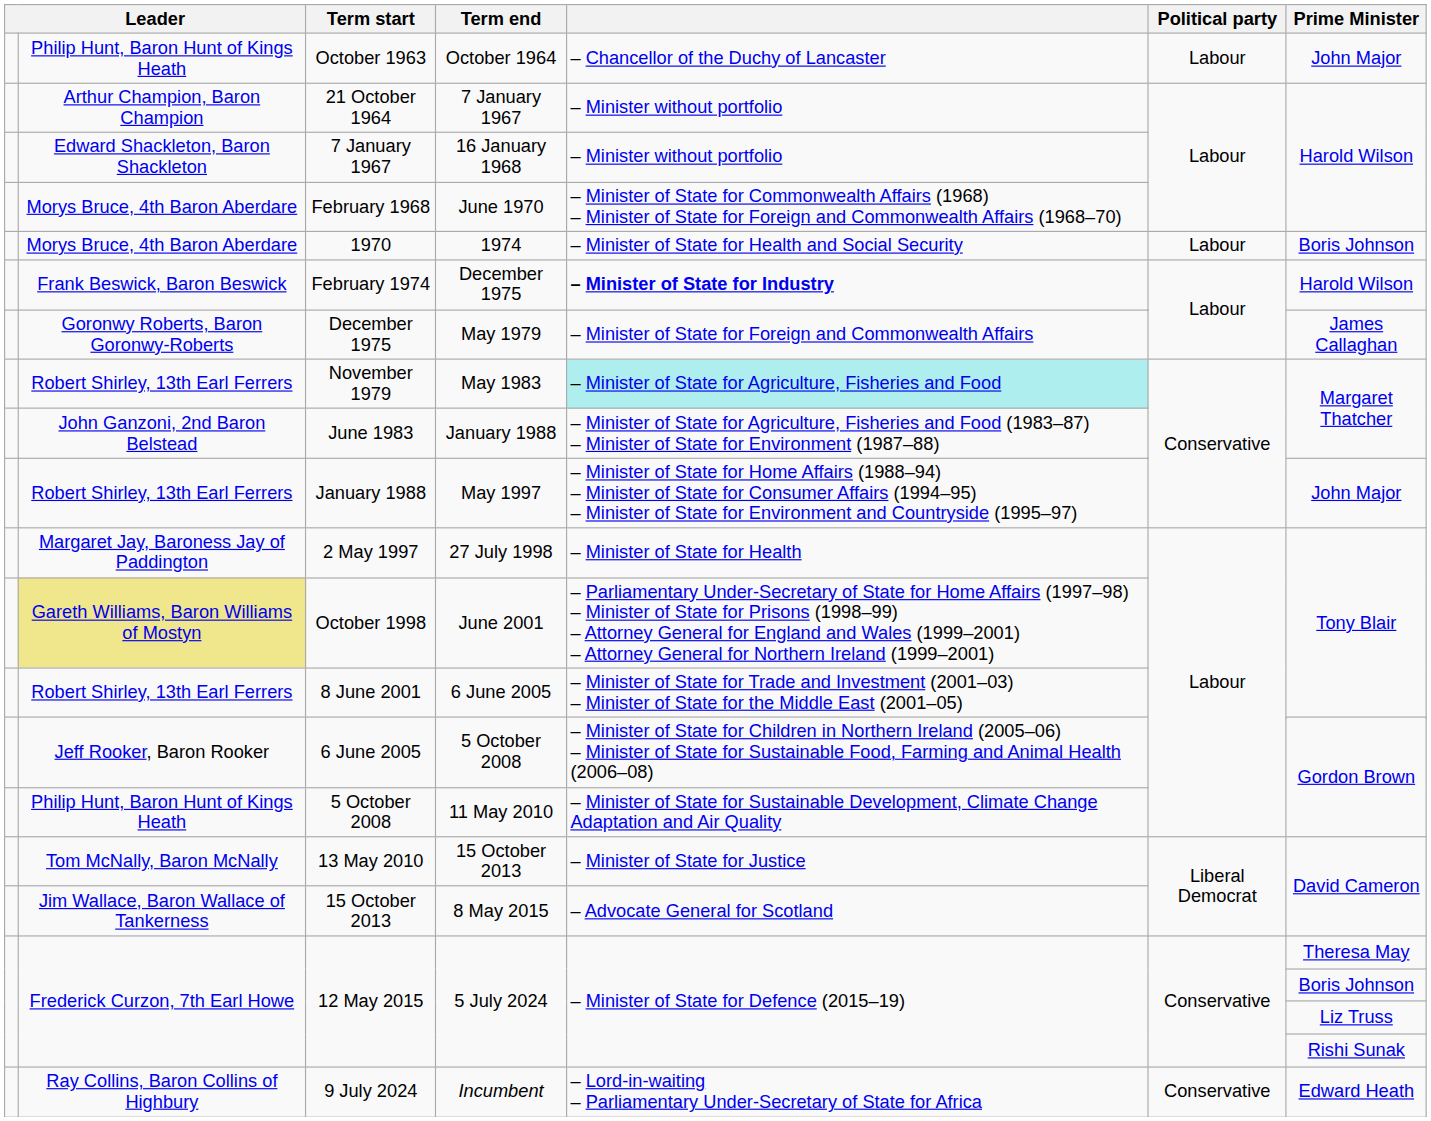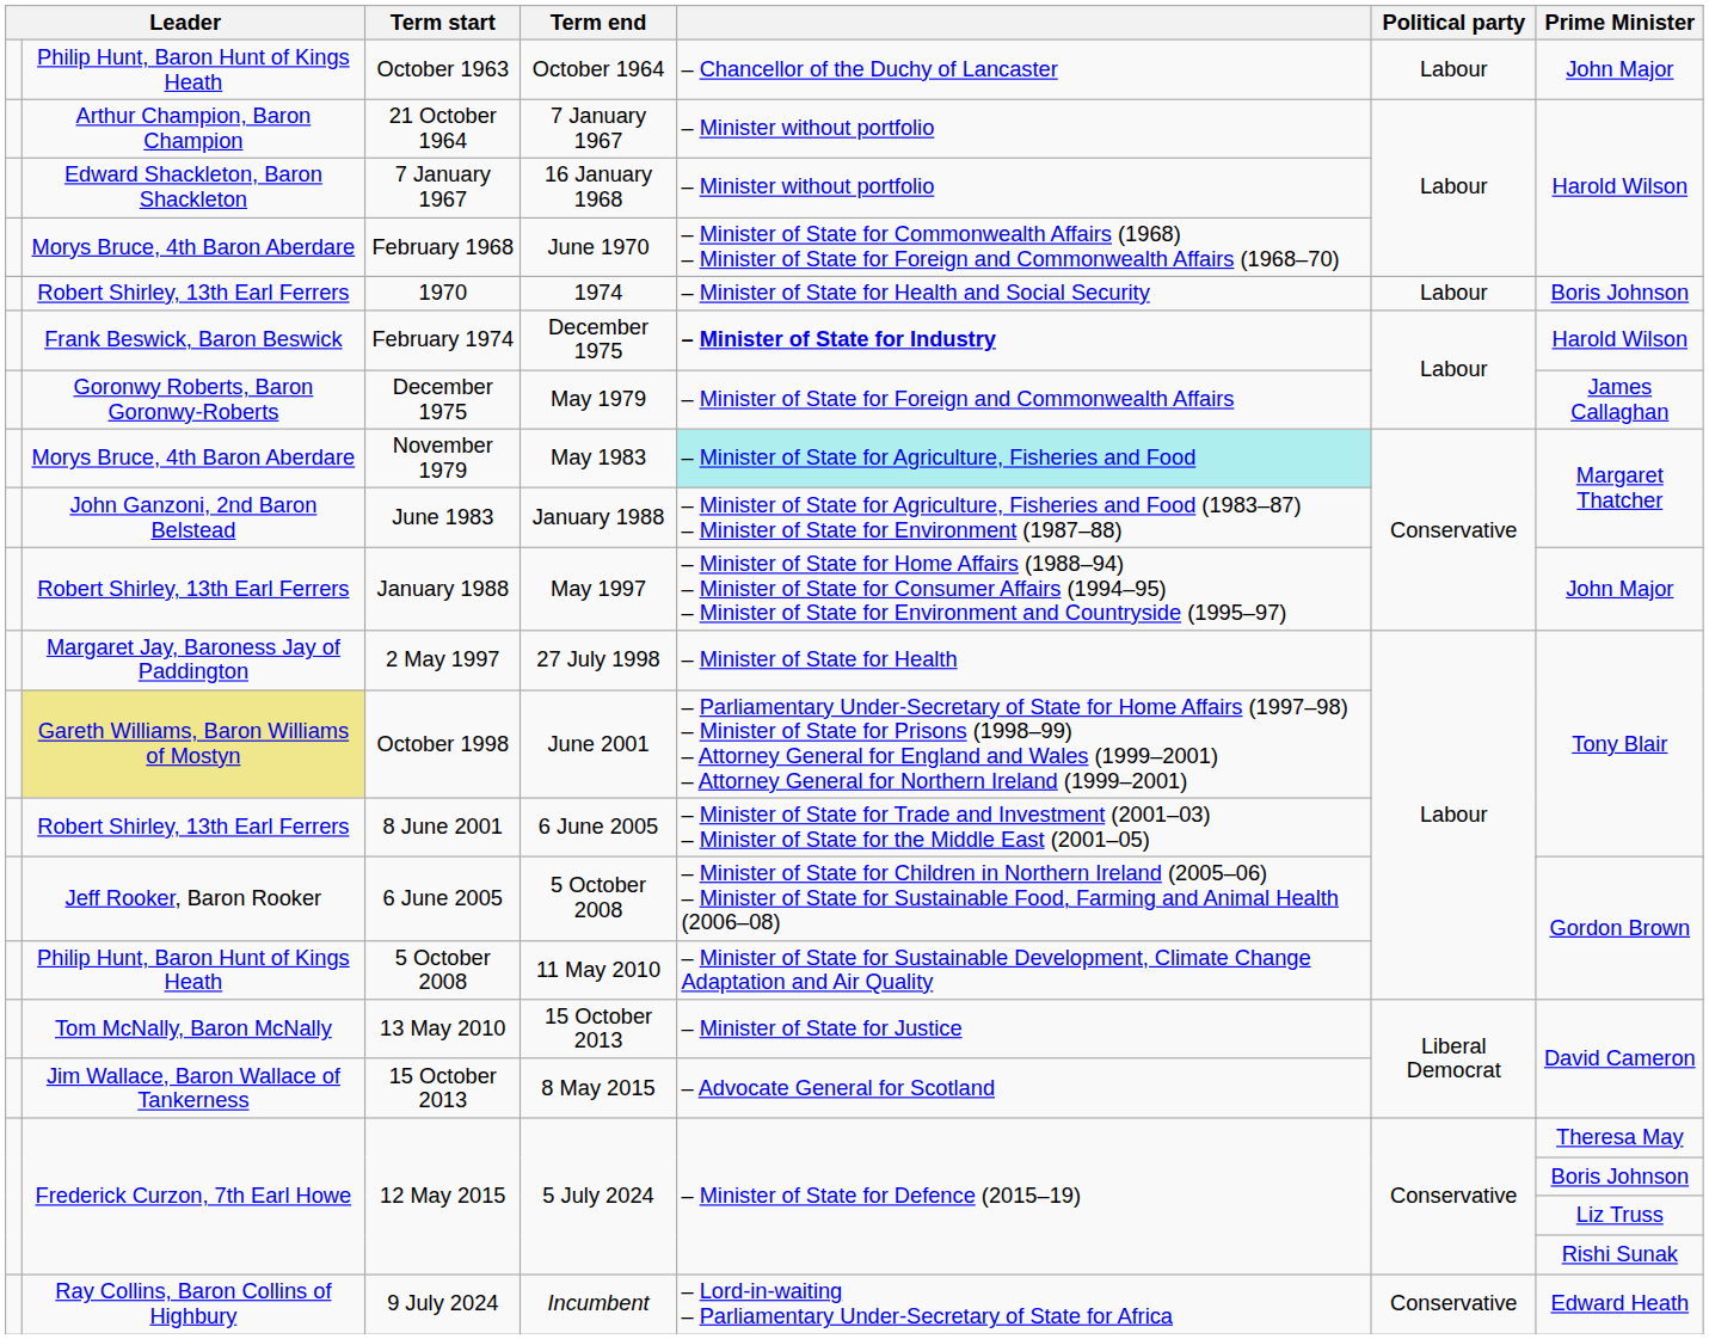 <table class="wikitable" style="text-align:Center">
 <tr>
 <th colspan=2>Leader</th>
 <th>Term start</th>
 <th>Term end</th>
 <th></th>
 <th>Political party</th>
 <th>Prime Minister</th>
 </tr>
 <tr>
 <td style="background-color:"></td>
 <td><a href='#'>Philip Hunt, Baron Hunt of Kings Heath</a></td>
 <td>October 1963</td>
 <td>October 1964</td>
 <td style="text-align:left">– <a href='#'>Chancellor of the Duchy of Lancaster</a></td>
 <td>Labour</td>
 <td><a href='#'>John Major</a></td>
 </tr>
 <tr>
 <td style="background-color:"></td>
 <td><a href='#'>Arthur Champion, Baron Champion</a></td>
 <td>21 October 1964</td>
 <td>7 January 1967</td>
 <td style="text-align:left">– <a href='#'>Minister without portfolio</a></td>
 <td rowspan=3>Labour</td>
 <td rowspan=3><a href='#'>Harold Wilson</a></td>
 </tr>
 <tr>
 <td style="background-color:"></td>
 <td><a href='#'>Edward Shackleton, Baron Shackleton</a></td>
 <td>7 January 1967</td>
 <td>16 January 1968</td>
 <td style="text-align:left">– <a href='#'>Minister without portfolio</a></td>
 </tr>
 <tr>
 <td style="background-color:"></td>
 <td><a href='#'>Morys Bruce, 4th Baron Aberdare</a></td>
 <td>February 1968</td>
 <td>June 1970</td>
 <td style="text-align:left">– <a href='#'>Minister of State for Commonwealth Affairs</a> (1968)<br>– <a href='#'>Minister of State for Foreign and Commonwealth Affairs</a> (1968–70)</td>
 </tr>
 <tr>
 <td style="background-color:"></td>
-<td><a href='#'>Morys Bruce, 4th Baron Aberdare</a></td>
+<td><a href='#'>Robert Shirley, 13th Earl Ferrers</a></td>
 <td>1970</td>
 <td>1974</td>
 <td style="text-align:left">– <a href='#'>Minister of State for Health and Social Security</a></td>
 <td>Labour</td>
 <td><a href='#'>Boris Johnson</a></td>
 </tr>
 <tr>
 <td style="background-color:"></td>
 <td><a href='#'>Frank Beswick, Baron Beswick</a></td>
 <td>February 1974</td>
 <td>December 1975</td>
 <td style="text-align:left"><strong>– <a href='#'>Minister of State for Industry</a></strong></td>
 <td rowspan=3>Labour</td>
 <td rowspan=2><a href='#'>Harold Wilson</a></td>
 </tr>
 <tr>
 <td rowspan=2 style="background-color:"> <br> </td>
 <td rowspan=2><a href='#'>Goronwy Roberts, Baron Goronwy-Roberts</a></td>
 <td rowspan=2>December 1975</td>
 <td rowspan=2>May 1979</td>
 <td rowspan=2 style="text-align:left">– <a href='#'>Minister of State for Foreign and Commonwealth Affairs</a></td>
 </tr>
 <tr>
 <td><a href='#'>James Callaghan</a></td>
 </tr>
 <tr>
 <td style="background-color:"></td>
-<td><a href='#'>Robert Shirley, 13th Earl Ferrers</a></td>
+<td><a href='#'>Morys Bruce, 4th Baron Aberdare</a></td>
 <td>November 1979</td>
 <td>May 1983</td>
 <td style="background: paleturquoise; text-align:left">– <a href='#'>Minister of State for Agriculture, Fisheries and Food</a></td>
 <td rowspan=4>Conservative</td>
 <td rowspan=3><a href='#'>Margaret Thatcher</a></td>
 </tr>
 <tr>
 <td style="background-color:"></td>
 <td><a href='#'>John Ganzoni, 2nd Baron Belstead</a></td>
 <td>June 1983</td>
 <td>January 1988</td>
 <td style="text-align:left">– <a href='#'>Minister of State for Agriculture, Fisheries and Food</a> (1983–87)<br>– <a href='#'>Minister of State for Environment</a> (1987–88)</td>
 </tr>
 <tr>
 <td rowspan=2 style="background-color:"> <br> </td>
 <td rowspan=2><a href='#'>Robert Shirley, 13th Earl Ferrers</a></td>
 <td rowspan=2>January 1988</td>
 <td rowspan=2>May 1997</td>
 <td rowspan=2 style="text-align:left">– <a href='#'>Minister of State for Home Affairs</a> (1988–94)<br>– <a href='#'>Minister of State for Consumer Affairs</a> (1994–95)<br>– <a href='#'>Minister of State for Environment and Countryside</a> (1995–97)</td>
 </tr>
 <tr>
 <td><a href='#'>John Major</a></td>
 </tr>
 <tr>
 <td style="background-color:"></td>
 <td><a href='#'>Margaret Jay, Baroness Jay of Paddington</a></td>
 <td>2 May 1997</td>
 <td>27 July 1998</td>
 <td style="text-align:left">– <a href='#'>Minister of State for Health</a></td>
 <td rowspan=6>Labour</td>
 <td rowspan=4><a href='#'>Tony Blair</a></td>
 </tr>
 <tr>
 <td style="background-color:"></td>
 <td style="background: khaki;"><a href='#'>Gareth Williams, Baron Williams of Mostyn</a></td>
 <td>October 1998</td>
 <td>June 2001</td>
 <td style="text-align:left">– <a href='#'>Parliamentary Under-Secretary of State for Home Affairs</a> (1997–98)<br>– <a href='#'>Minister of State for Prisons</a> (1998–99)<br>– <a href='#'>Attorney General for England and Wales</a> (1999–2001)<br>– <a href='#'>Attorney General for Northern Ireland</a> (1999–2001)</td>
 </tr>
 <tr>
 <td style="background-color:"></td>
 <td><a href='#'>Robert Shirley, 13th Earl Ferrers</a></td>
 <td>8 June 2001</td>
 <td>6 June 2005</td>
 <td style="text-align:left">– <a href='#'>Minister of State for Trade and Investment</a> (2001–03)<br>– <a href='#'>Minister of State for the Middle East</a> (2001–05)</td>
 </tr>
 <tr>
 <td rowspan=2 style="background-color:"> <br> </td>
 <td rowspan=2><a href='#'>Jeff Rooker</a>, Baron Rooker</td>
 <td rowspan=2>6 June 2005</td>
 <td rowspan=2>5 October 2008</td>
 <td rowspan=2 style="text-align:left">– <a href='#'>Minister of State for Children in Northern Ireland</a> (2005–06)<br>– <a href='#'>Minister of State for Sustainable Food, Farming and Animal Health</a> (2006–08)</td>
 </tr>
 <tr>
 <td rowspan=2><a href='#'>Gordon Brown</a></td>
 </tr>
 <tr>
 <td style="background-color:"></td>
 <td><a href='#'>Philip Hunt, Baron Hunt of Kings Heath</a></td>
 <td>5 October 2008</td>
 <td>11 May 2010</td>
 <td style="text-align:left">– <a href='#'>Minister of State for Sustainable Development, Climate Change Adaptation and Air Quality</a></td>
 </tr>
 <tr>
 <td style="background-color:"></td>
 <td><a href='#'>Tom McNally, Baron McNally</a></td>
 <td>13 May 2010</td>
 <td>15 October 2013</td>
 <td style="text-align:left">– <a href='#'>Minister of State for Justice</a></td>
 <td rowspan=2>Liberal Democrat</td>
 <td rowspan=3><a href='#'>David Cameron</a></td>
 </tr>
 <tr>
 <td style="background-color:"></td>
 <td><a href='#'>Jim Wallace, Baron Wallace of Tankerness</a></td>
 <td>15 October 2013</td>
 <td>8 May 2015</td>
 <td style="text-align:left">– <a href='#'>Advocate General for Scotland</a></td>
 </tr>
 <tr>
 <td rowspan=5 style="background-color:"> <br> <br> <br> <br> <br> </td>
 <td rowspan=5><a href='#'>Frederick Curzon, 7th Earl Howe</a></td>
 <td rowspan=5>12 May 2015</td>
 <td rowspan=5>5 July 2024</td>
 <td rowspan=5 style="text-align:left">– <a href='#'>Minister of State for Defence</a> (2015–19)</td>
 <td rowspan=5>Conservative</td>
 </tr>
 <tr>
 <td><a href='#'>Theresa May</a></td>
 </tr>
 <tr>
 <td><a href='#'>Boris Johnson</a></td>
 </tr>
 <tr>
 <td><a href='#'>Liz Truss</a></td>
 </tr>
 <tr>
 <td><a href='#'>Rishi Sunak</a></td>
 </tr>
 <tr>
 <td style="background-color:"></td>
 <td><a href='#'>Ray Collins, Baron Collins of Highbury</a></td>
 <td>9 July 2024</td>
 <td><em>Incumbent</em></td>
 <td rowspan=5 style="text-align:left">– <a href='#'>Lord-in-waiting</a><br>– <a href='#'>Parliamentary Under-Secretary of State for Africa</a></td>
 <td>Conservative</td>
 <td><a href='#'>Edward Heath</a></td>
 </tr>
 </table>
